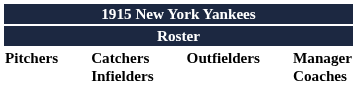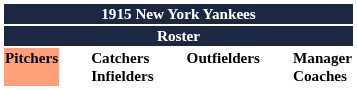 <table class="toccolours" style="font-size: 95%;">
 <tr>
 <th colspan="10" style="background-color: #1c2841; color: white; text-align: center;">1915 New York Yankees</th>
 </tr>
 <tr>
 <td colspan="10" style="background-color: #1c2841; color: white; text-align: center;"><strong>Roster</strong></td>
 </tr>
 <tr>
-<td valign="top"><strong>Pitchers</strong><br>                </td>
+<td valign="top" style="background: lightsalmon;"><strong>Pitchers</strong><br>                </td>
 <td width="25px"></td>
 <td valign="top"><strong>Catchers</strong><br>      <strong>Infielders</strong>      </td>
 <td width="25px"></td>
 <td valign="top"><strong>Outfielders</strong><br>          </td>
 <td width="25px"></td>
 <td valign="top"><strong>Manager</strong><br> <strong>Coaches</strong> </td>
 </tr>
 </table>
